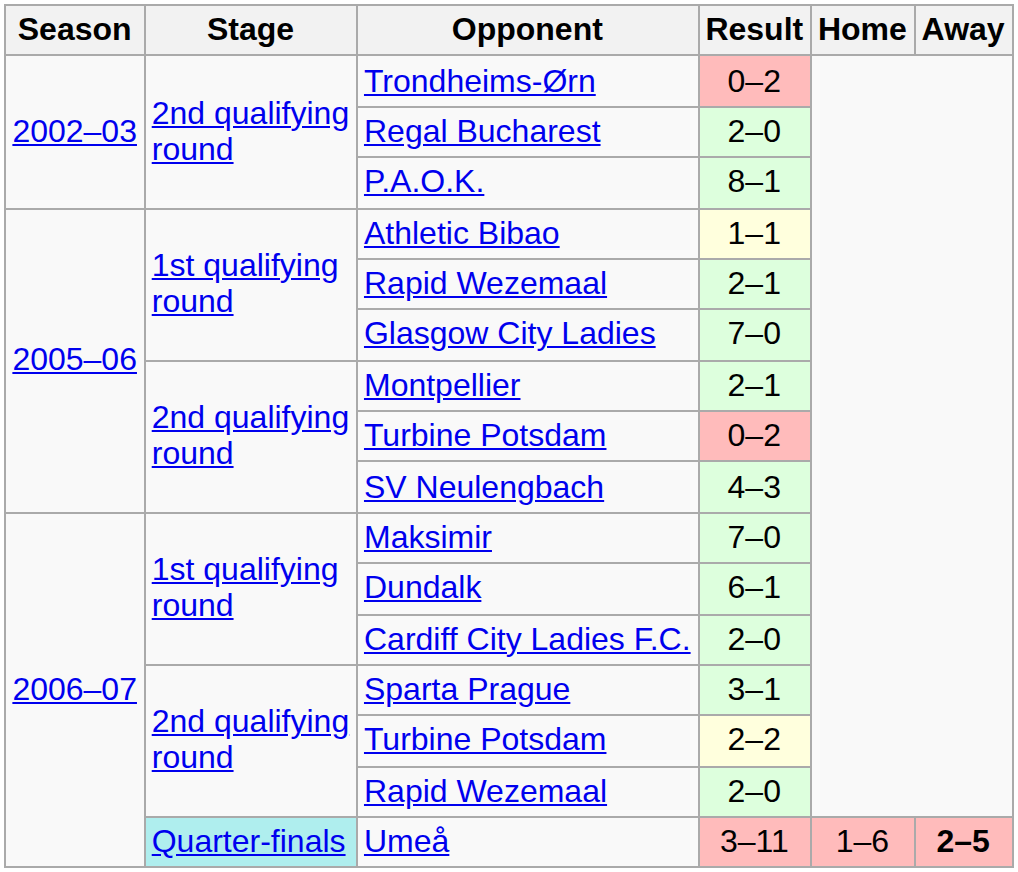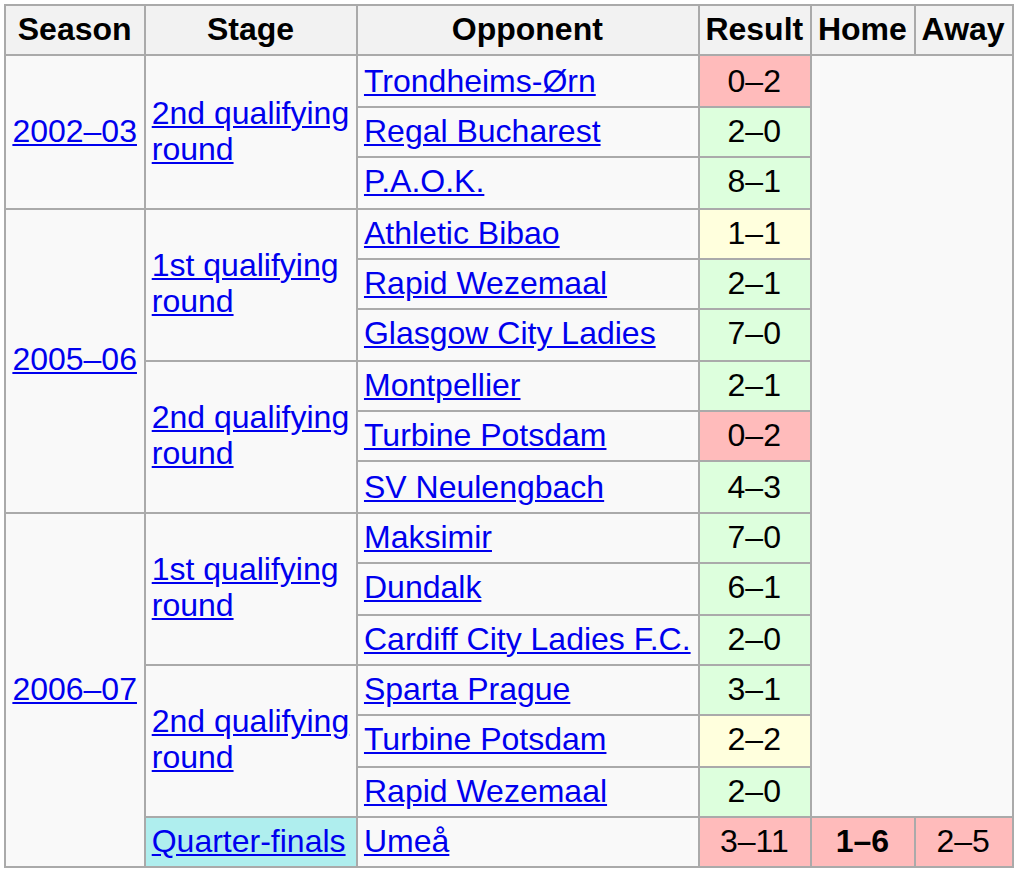 <table class="wikitable">
 <tr>
 <th>Season</th>
 <th>Stage</th>
 <th>Opponent</th>
 <th>Result</th>
 <th>Home</th>
 <th>Away</th>
 </tr>
 <tr>
 <td rowspan=3><a href='#'>2002–03</a></td>
 <td rowspan=3><a href='#'>2nd qualifying<br>round</a></td>
 <td> <a href='#'>Trondheims-Ørn</a></td>
 <td bgcolor="#ffbbbb" align=center>0–2</td>
 </tr>
 <tr>
 <td> <a href='#'>Regal Bucharest</a></td>
 <td bgcolor="#ddffdd" align=center>2–0</td>
 </tr>
 <tr>
 <td> <a href='#'>P.A.O.K.</a></td>
 <td bgcolor="#ddffdd" align=center>8–1</td>
 </tr>
 <tr>
 <td rowspan=6><a href='#'>2005–06</a></td>
 <td rowspan=3><a href='#'>1st qualifying<br>round</a></td>
 <td> <a href='#'>Athletic Bibao</a></td>
 <td bgcolor="#ffffdd" align=center>1–1</td>
 </tr>
 <tr>
 <td> <a href='#'>Rapid Wezemaal</a></td>
 <td bgcolor="#ddffdd" align=center>2–1</td>
 </tr>
 <tr>
 <td> <a href='#'>Glasgow City Ladies</a></td>
 <td bgcolor="#ddffdd" align=center>7–0</td>
 </tr>
 <tr>
 <td rowspan=3><a href='#'>2nd qualifying<br>round</a></td>
 <td> <a href='#'>Montpellier</a></td>
 <td bgcolor="#ddffdd" align=center>2–1</td>
 </tr>
 <tr>
 <td> <a href='#'>Turbine Potsdam</a></td>
 <td bgcolor="#ffbbbb" align=center>0–2</td>
 </tr>
 <tr>
 <td> <a href='#'>SV Neulengbach</a></td>
 <td bgcolor="#ddffdd" align=center>4–3</td>
 </tr>
 <tr>
 <td rowspan=7><a href='#'>2006–07</a></td>
 <td rowspan=3><a href='#'>1st qualifying<br>round</a></td>
 <td> <a href='#'>Maksimir</a></td>
 <td bgcolor="#ddffdd" align=center>7–0</td>
 </tr>
 <tr>
 <td> <a href='#'>Dundalk</a></td>
 <td bgcolor="#ddffdd" align=center>6–1</td>
 </tr>
 <tr>
 <td> <a href='#'>Cardiff City Ladies F.C.</a></td>
 <td bgcolor="#ddffdd" align=center>2–0</td>
 </tr>
 <tr>
 <td nopage="y" rowspan=3><a href='#'>2nd qualifying<br>round</a></td>
 <td> <a href='#'>Sparta Prague</a></td>
 <td bgcolor="#ddffdd" align=center>3–1</td>
 </tr>
 <tr>
 <td> <a href='#'>Turbine Potsdam</a></td>
 <td bgcolor="#ffffdd" align=center>2–2</td>
 </tr>
 <tr>
 <td> <a href='#'>Rapid Wezemaal</a></td>
 <td bgcolor="#ddffdd" align=center>2–0</td>
 </tr>
 <tr>
 <td style="background: paleturquoise;"><a href='#'>Quarter-finals</a></td>
 <td> <a href='#'>Umeå</a></td>
 <td bgcolor="#ffbbbb" align=center>3–11</td>
-<td bgcolor="#ffbbbb" align=center>1–6</td>
-<td bgcolor="#ffbbbb" align=center><strong>2–5</strong></td>
+<td bgcolor="#ffbbbb" align=center><strong>1–6</strong></td>
+<td bgcolor="#ffbbbb" align=center>2–5</td>
 </tr>
 </table>
